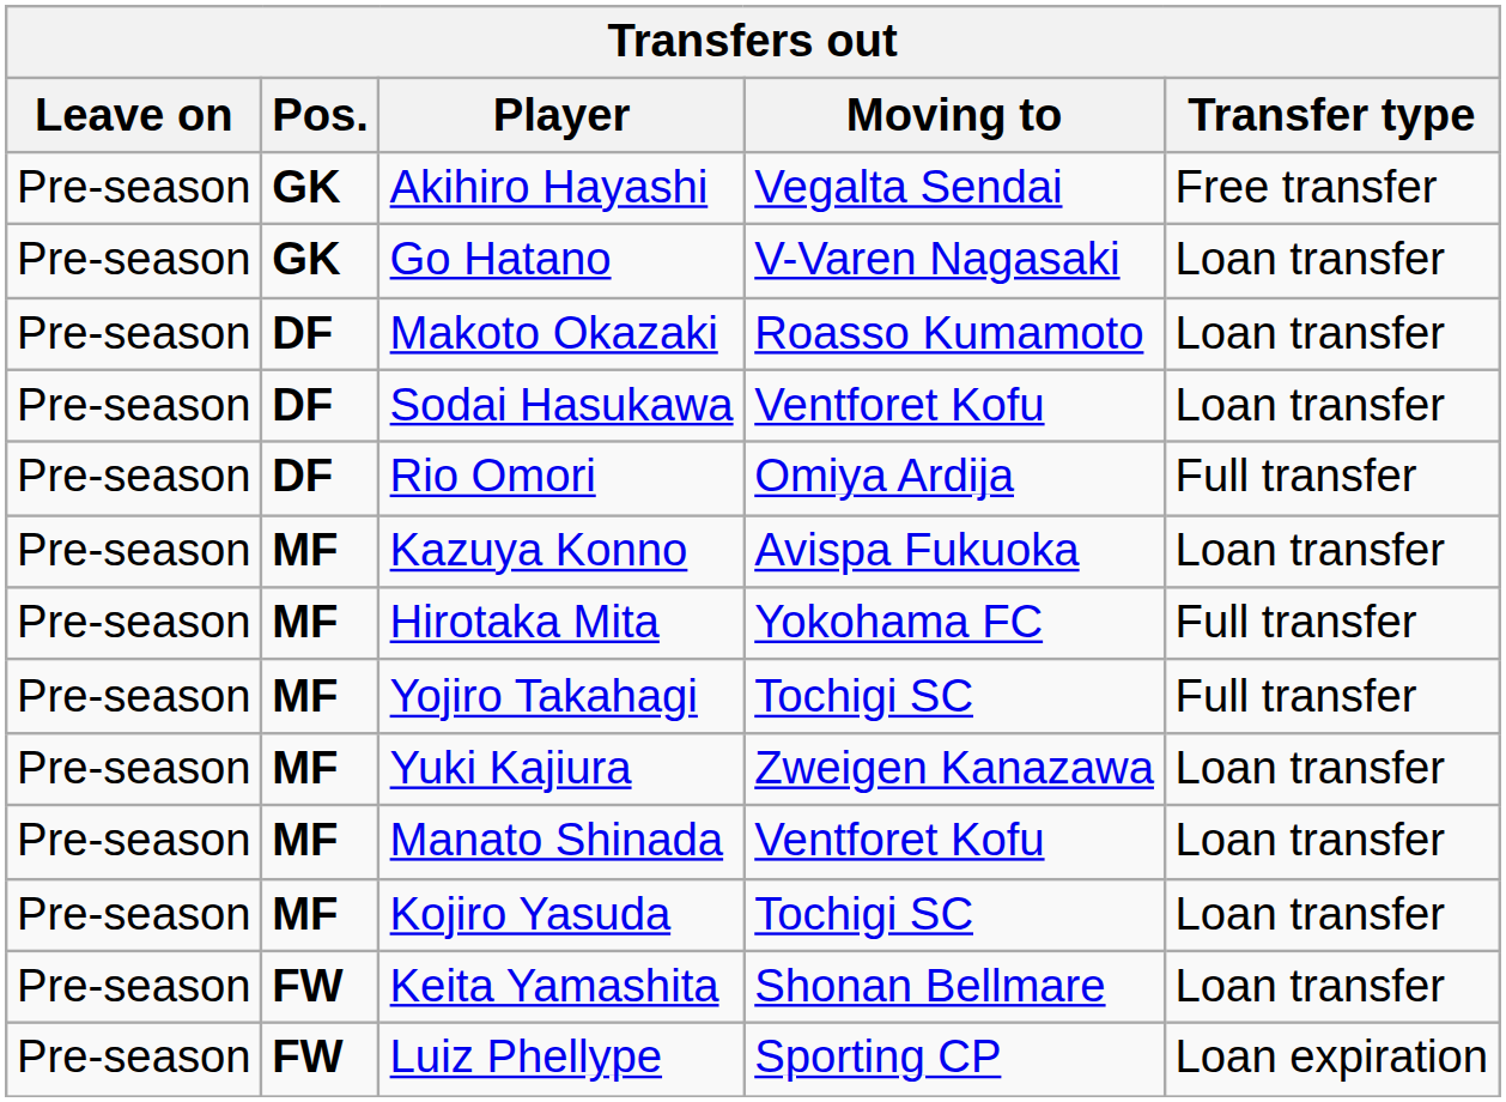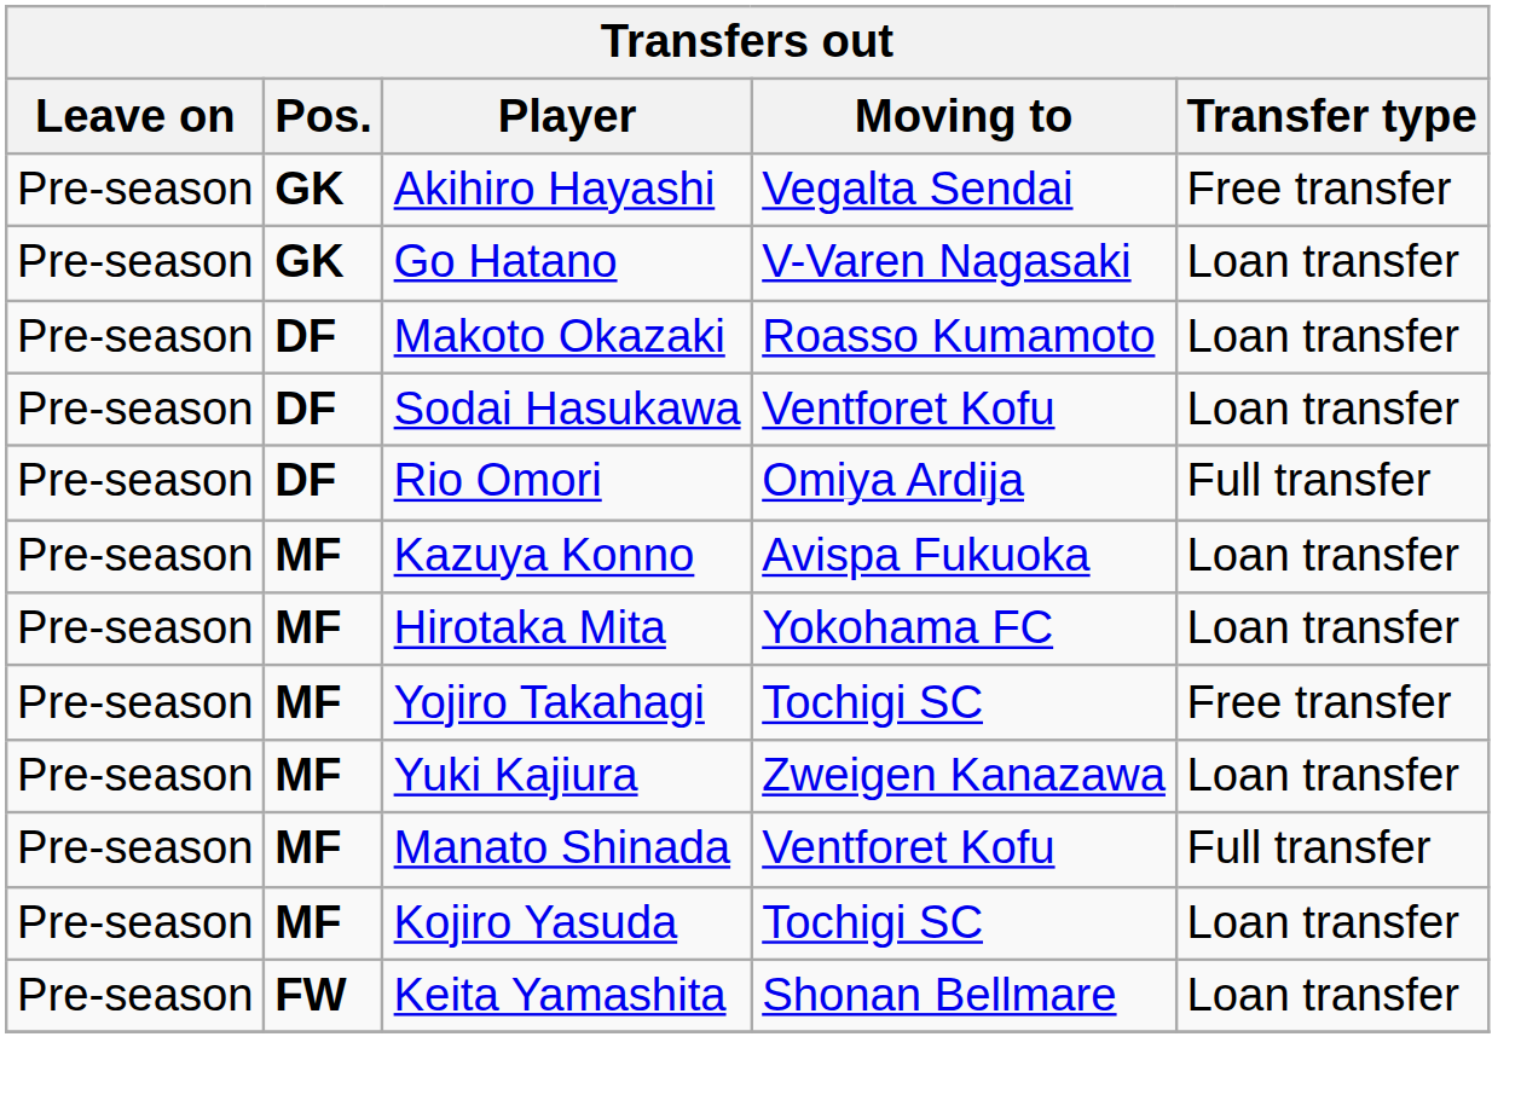 <table class="wikitable sortable" style=“text-align:left;>
 <tr>
 <th colspan="5">Transfers out</th>
 </tr>
 <tr>
 <th>Leave on</th>
 <th>Pos.</th>
 <th>Player</th>
 <th>Moving to</th>
 <th>Transfer type</th>
 </tr>
 <tr>
 <td>Pre-season</td>
 <td><strong>GK</strong></td>
 <td> <a href='#'>Akihiro Hayashi</a></td>
 <td> <a href='#'>Vegalta Sendai</a></td>
 <td>Free transfer</td>
 </tr>
 <tr>
 <td>Pre-season</td>
 <td><strong>GK</strong></td>
 <td> <a href='#'>Go Hatano</a></td>
 <td> <a href='#'>V-Varen Nagasaki</a></td>
 <td>Loan transfer</td>
 </tr>
 <tr>
 <td>Pre-season</td>
 <td><strong>DF</strong></td>
 <td> <a href='#'>Makoto Okazaki</a></td>
 <td> <a href='#'>Roasso Kumamoto</a></td>
 <td>Loan transfer</td>
 </tr>
 <tr>
 <td>Pre-season</td>
 <td><strong>DF</strong></td>
 <td> <a href='#'>Sodai Hasukawa</a></td>
 <td> <a href='#'>Ventforet Kofu</a></td>
 <td>Loan transfer</td>
 </tr>
 <tr>
 <td>Pre-season</td>
 <td><strong>DF</strong></td>
 <td> <a href='#'>Rio Omori</a></td>
 <td> <a href='#'>Omiya Ardija</a></td>
 <td>Full transfer</td>
 </tr>
 <tr>
 <td>Pre-season</td>
 <td><strong>MF</strong></td>
 <td> <a href='#'>Kazuya Konno</a></td>
 <td> <a href='#'>Avispa Fukuoka</a></td>
 <td>Loan transfer</td>
 </tr>
 <tr>
 <td>Pre-season</td>
 <td><strong>MF</strong></td>
 <td> <a href='#'>Hirotaka Mita</a></td>
 <td> <a href='#'>Yokohama FC</a></td>
-<td>Full transfer</td>
+<td>Loan transfer</td>
 </tr>
 <tr>
 <td>Pre-season</td>
 <td><strong>MF</strong></td>
 <td> <a href='#'>Yojiro Takahagi</a></td>
 <td> <a href='#'>Tochigi SC</a></td>
-<td>Full transfer</td>
+<td>Free transfer</td>
 </tr>
 <tr>
 <td>Pre-season</td>
 <td><strong>MF</strong></td>
 <td> <a href='#'>Yuki Kajiura</a></td>
 <td> <a href='#'>Zweigen Kanazawa</a></td>
 <td>Loan transfer</td>
 </tr>
 <tr>
 <td>Pre-season</td>
 <td><strong>MF</strong></td>
 <td> <a href='#'>Manato Shinada</a></td>
 <td> <a href='#'>Ventforet Kofu</a></td>
-<td>Loan transfer</td>
+<td>Full transfer</td>
 </tr>
 <tr>
 <td>Pre-season</td>
 <td><strong>MF</strong></td>
 <td> <a href='#'>Kojiro Yasuda</a></td>
 <td> <a href='#'>Tochigi SC</a></td>
 <td>Loan transfer</td>
 </tr>
 <tr>
 <td>Pre-season</td>
 <td><strong>FW</strong></td>
 <td> <a href='#'>Keita Yamashita</a></td>
 <td> <a href='#'>Shonan Bellmare</a></td>
 <td>Loan transfer</td>
 </tr>
 <tr>
-<td>Pre-season</td>
-<td><strong>FW</strong></td>
-<td> <a href='#'>Luiz Phellype</a></td>
-<td> <a href='#'>Sporting CP</a></td>
-<td>Loan expiration</td>
-</tr>
-<tr>
 </tr>
 </table>
